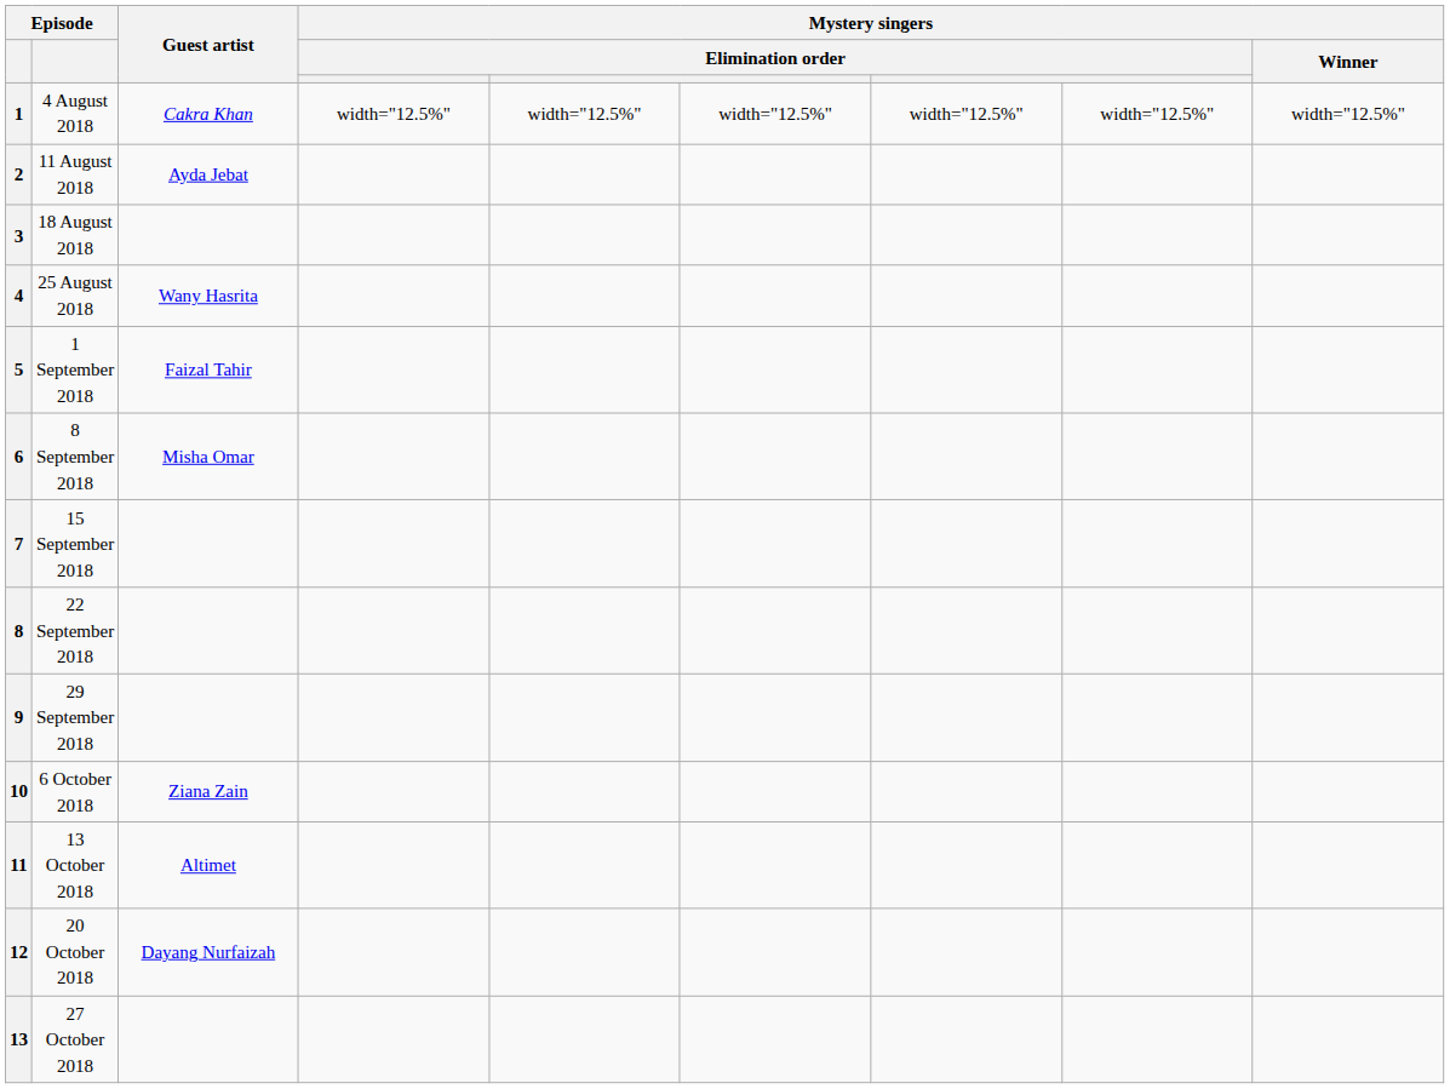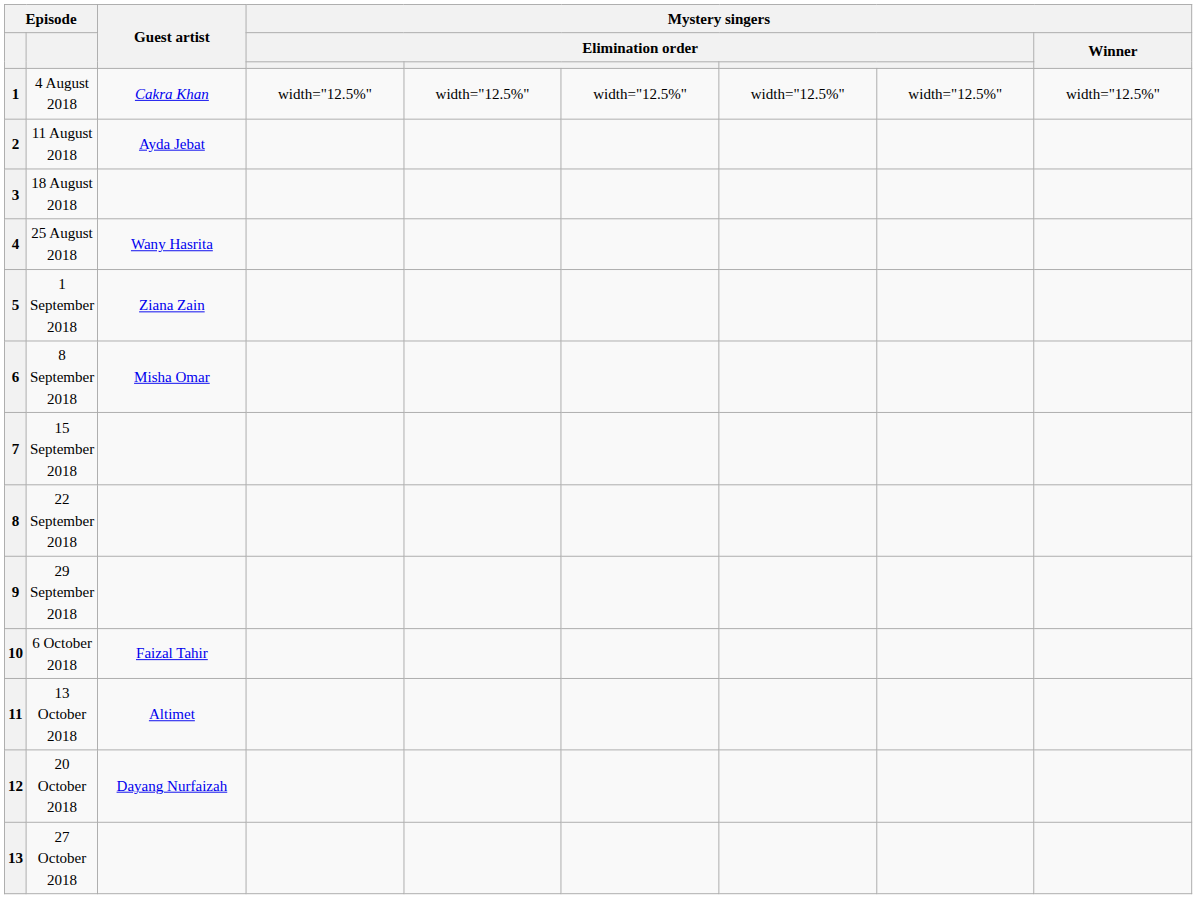 <table class="wikitable plainrowheaders mw-collapsible" style="text-align:center; line-height:23px; width:100%;">
 <tr>
 <th colspan="2" width="1%">Episode</th>
 <th rowspan="3" width="12.5%">Guest artist</th>
 <th colspan="6">Mystery singers<br></th>
 </tr>
 <tr>
 <th rowspan="2"></th>
 <th rowspan="2"></th>
 <th colspan="5">Elimination order</th>
 <th rowspan="2">Winner</th>
 </tr>
 <tr>
 <th></th>
 <th colspan="2"></th>
 <th colspan="2"></th>
 </tr>
 <tr>
 <th>1</th>
 <td>4 August 2018</td>
 <td><em><a href='#'>Cakra Khan</a></em><br></td>
 <td>width="12.5%"</td>
 <td>width="12.5%" </td>
 <td>width="12.5%" </td>
 <td>width="12.5%" </td>
 <td>width="12.5%" </td>
 <td>width="12.5%" </td>
 </tr>
 <tr>
 <th>2</th>
 <td>11 August 2018</td>
 <td><a href='#'>Ayda Jebat</a><br></td>
 <td></td>
 <td></td>
 <td></td>
 <td></td>
 <td></td>
 <td></td>
 </tr>
 <tr>
 <th>3</th>
 <td>18 August 2018</td>
 <td></td>
 <td></td>
 <td></td>
 <td></td>
 <td></td>
 <td></td>
 <td></td>
 </tr>
 <tr>
 <th>4</th>
 <td>25 August 2018</td>
 <td><a href='#'>Wany Hasrita</a><br></td>
 <td></td>
 <td></td>
 <td></td>
 <td></td>
 <td></td>
 <td></td>
 </tr>
 <tr>
 <th>5</th>
 <td>1 September 2018</td>
-<td><a href='#'>Faizal Tahir</a></td>
+<td><a href='#'>Ziana Zain</a></td>
 <td></td>
 <td></td>
 <td></td>
 <td></td>
 <td></td>
 <td></td>
 </tr>
 <tr>
 <th>6</th>
 <td>8 September 2018</td>
 <td><a href='#'>Misha Omar</a></td>
 <td></td>
 <td></td>
 <td></td>
 <td></td>
 <td></td>
 <td></td>
 </tr>
 <tr>
 <th>7</th>
 <td>15 September 2018</td>
 <td><br></td>
 <td></td>
 <td></td>
 <td></td>
 <td></td>
 <td></td>
 <td></td>
 </tr>
 <tr>
 <th>8</th>
 <td>22 September 2018</td>
 <td><br></td>
 <td></td>
 <td></td>
 <td></td>
 <td></td>
 <td></td>
 <td></td>
 </tr>
 <tr>
 <th>9</th>
 <td>29 September 2018</td>
 <td></td>
 <td></td>
 <td></td>
 <td></td>
 <td></td>
 <td></td>
 <td></td>
 </tr>
 <tr>
 <th>10</th>
 <td>6 October 2018</td>
-<td><a href='#'>Ziana Zain</a></td>
+<td><a href='#'>Faizal Tahir</a></td>
 <td></td>
 <td></td>
 <td></td>
 <td></td>
 <td></td>
 <td></td>
 </tr>
 <tr>
 <th>11</th>
 <td>13 October 2018</td>
 <td><a href='#'>Altimet</a></td>
 <td></td>
 <td></td>
 <td></td>
 <td></td>
 <td></td>
 <td></td>
 </tr>
 <tr>
 <th>12</th>
 <td>20 October 2018</td>
 <td><a href='#'>Dayang Nurfaizah</a><br></td>
 <td></td>
 <td></td>
 <td></td>
 <td></td>
 <td></td>
 <td></td>
 </tr>
 <tr>
 <th>13</th>
 <td>27 October 2018</td>
 <td><br></td>
 <td></td>
 <td></td>
 <td></td>
 <td></td>
 <td></td>
 <td></td>
 </tr>
 </table>
